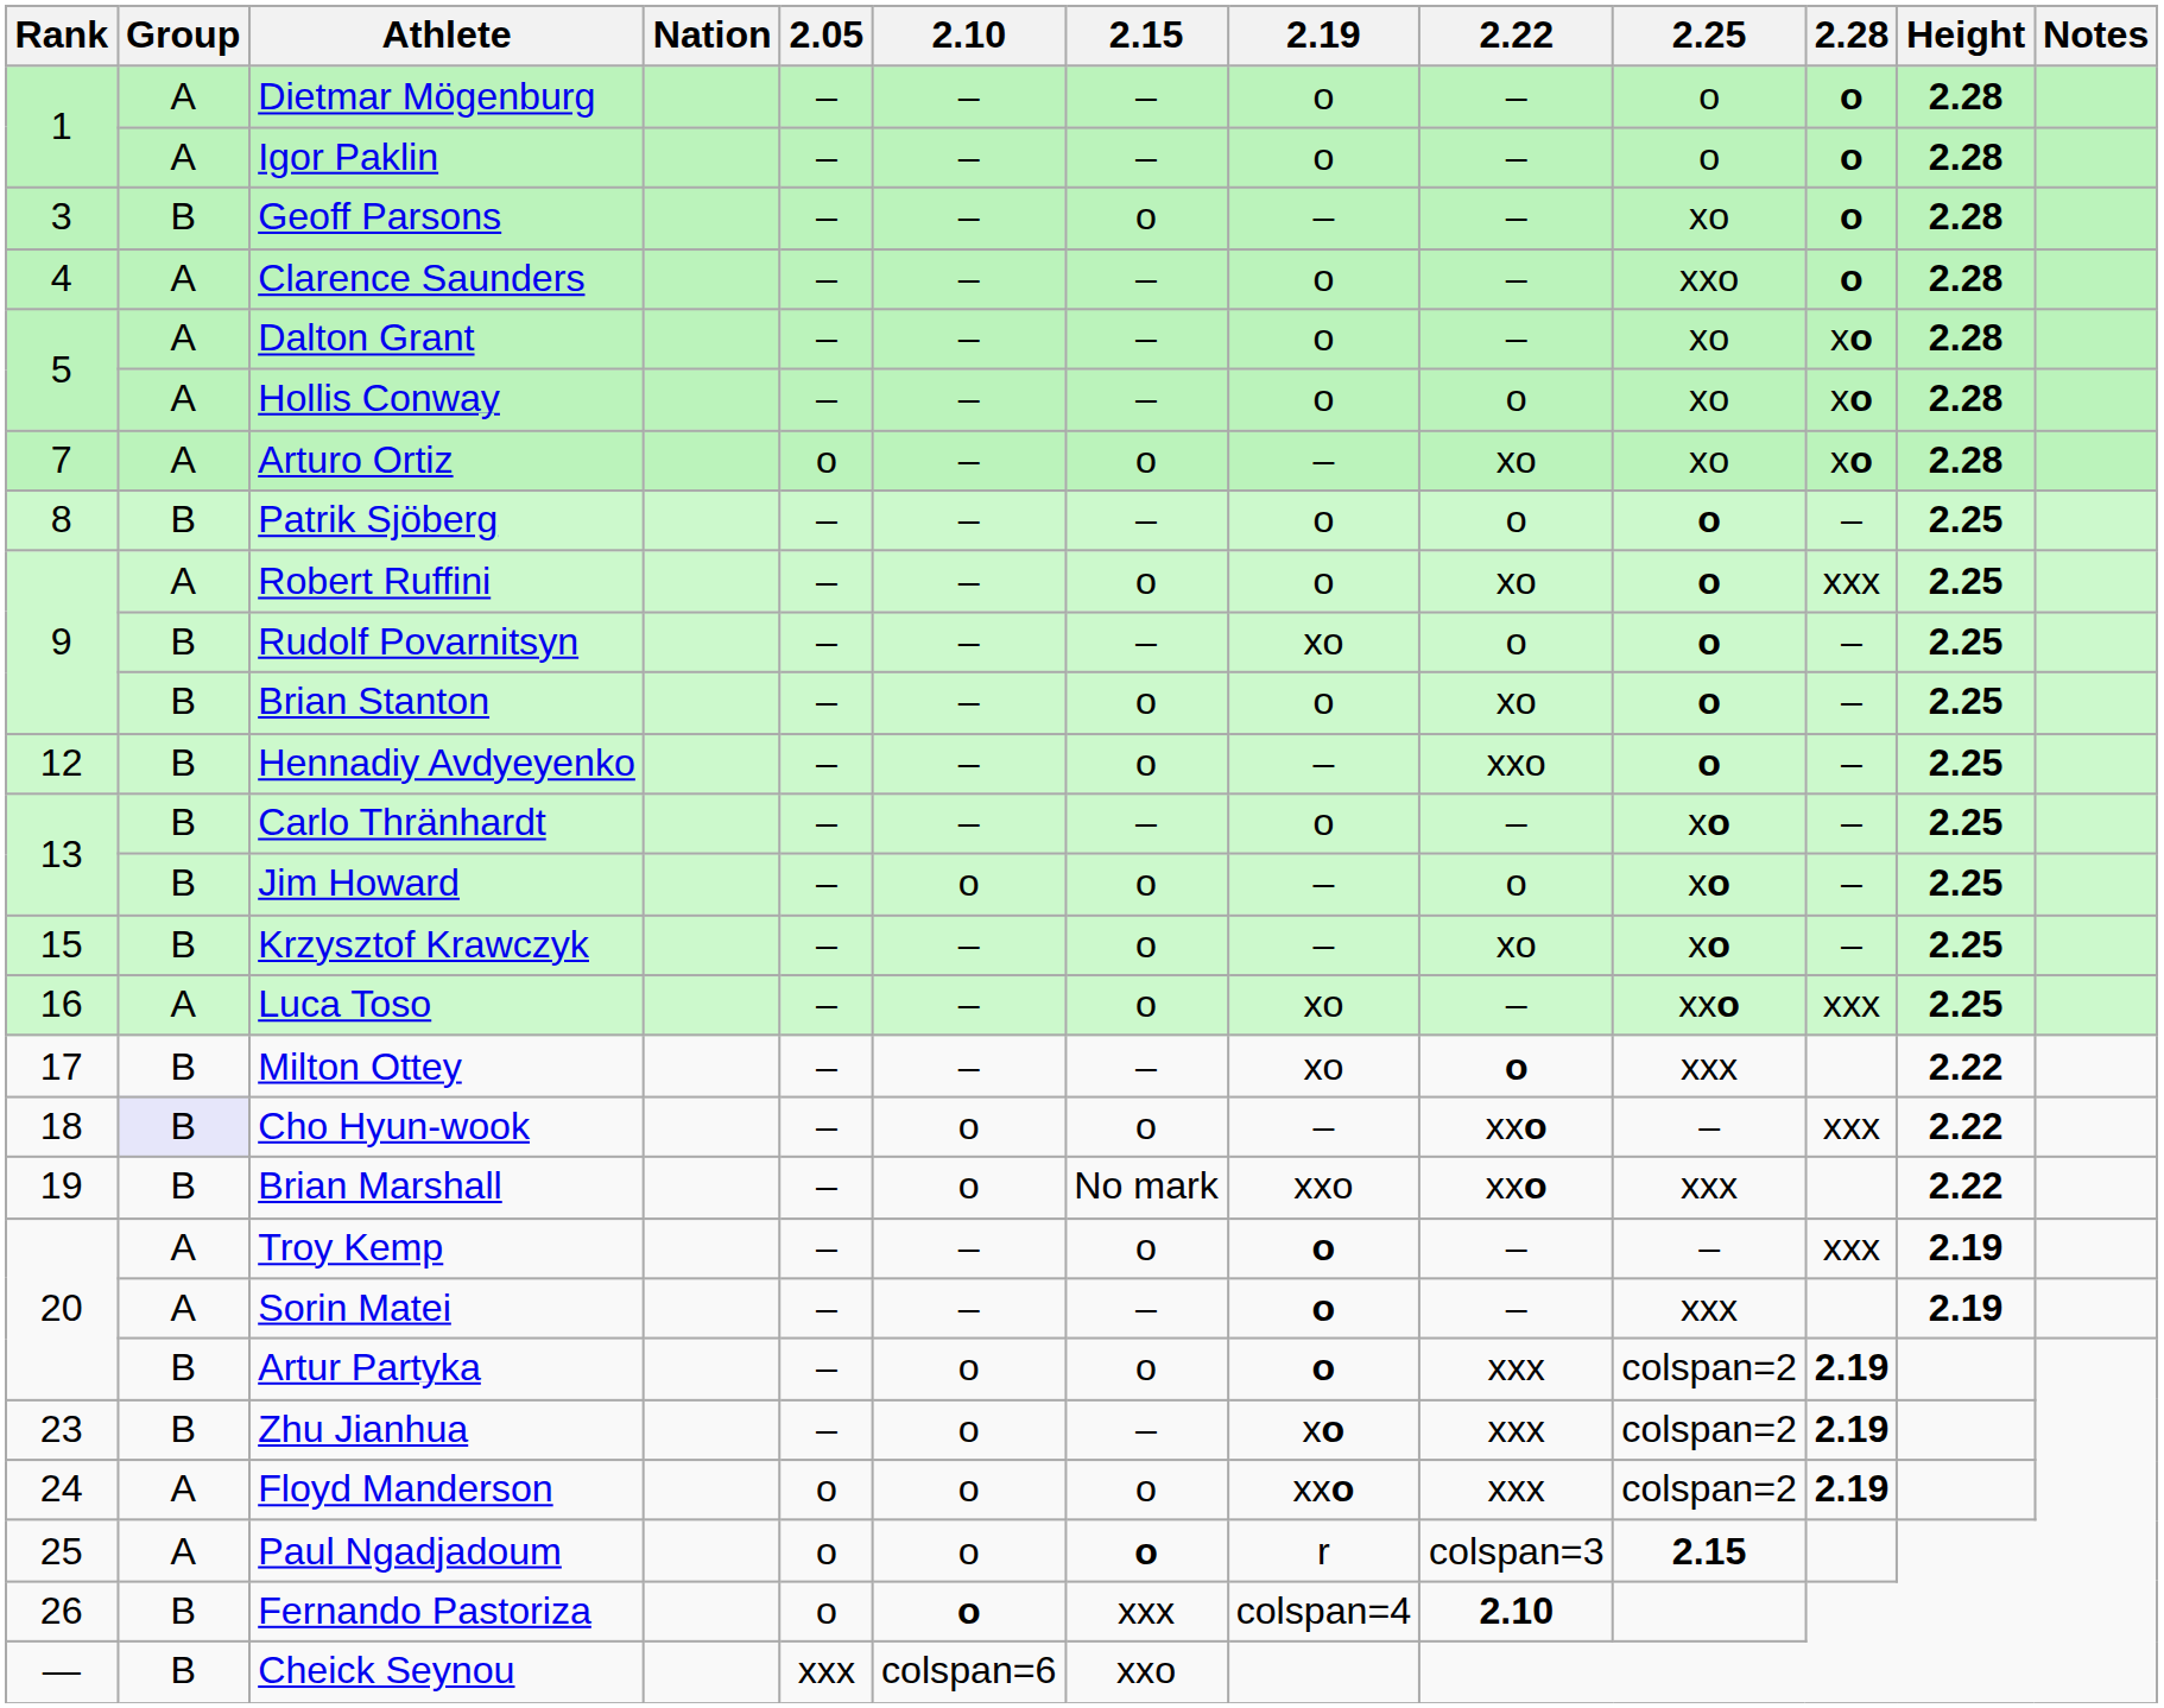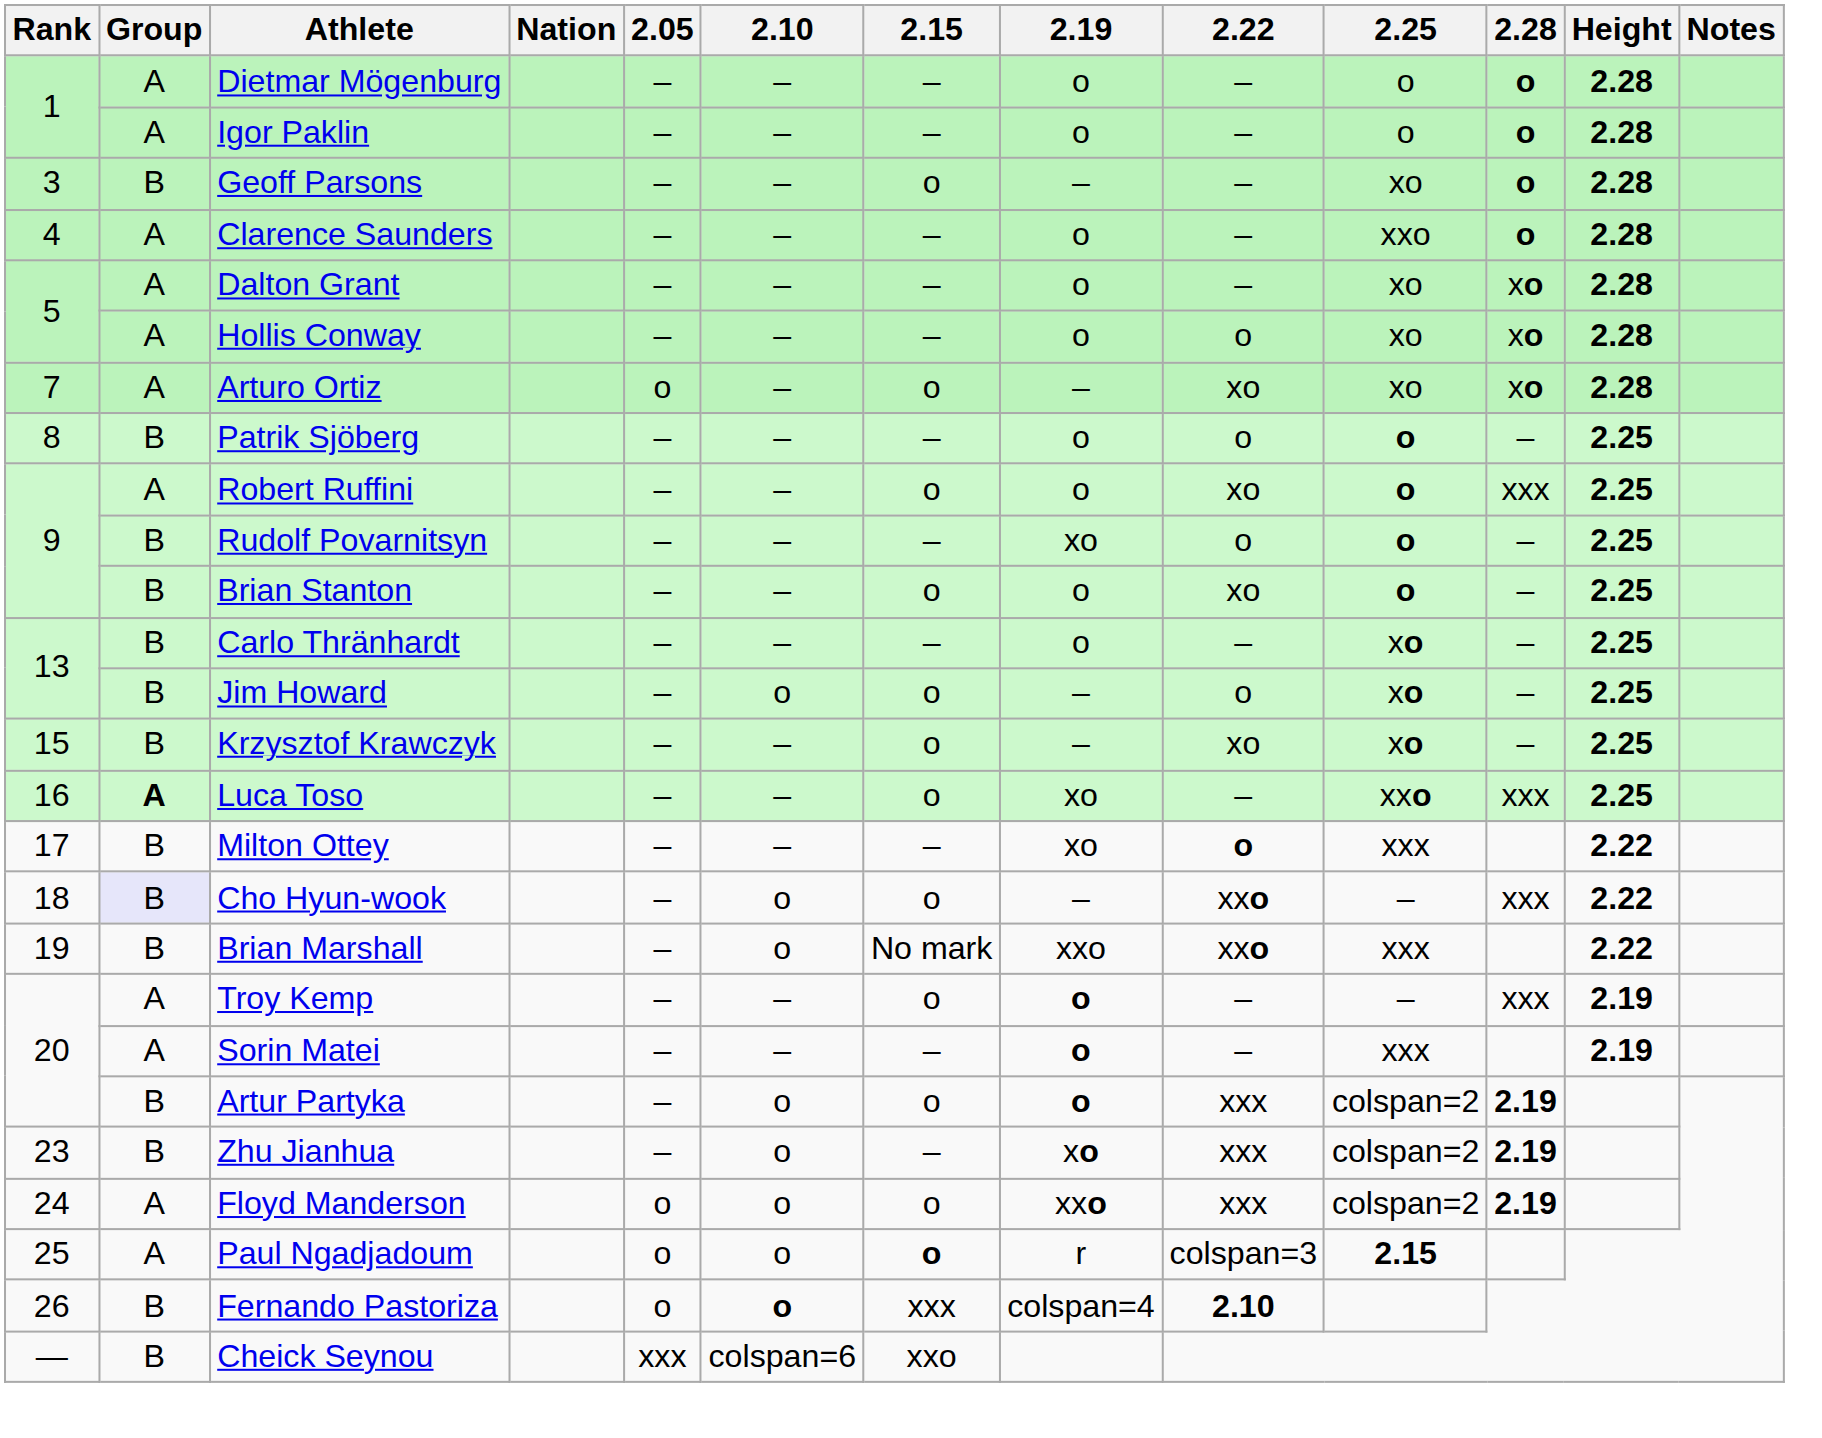 <table class="wikitable sortable" style="text-align:center">
 <tr>
 <th>Rank</th>
 <th>Group</th>
 <th>Athlete</th>
 <th>Nation</th>
 <th>2.05</th>
 <th>2.10</th>
 <th>2.15</th>
 <th>2.19</th>
 <th>2.22</th>
 <th>2.25</th>
 <th>2.28</th>
 <th>Height</th>
 <th>Notes</th>
 </tr>
 <tr bgcolor=bbf3bb>
 <td rowspan=2>1</td>
 <td>A</td>
 <td align=left><a href='#'>Dietmar Mögenburg</a></td>
 <td align=left></td>
 <td>–</td>
 <td>–</td>
 <td>–</td>
 <td>o</td>
 <td>–</td>
 <td>o</td>
 <td><strong>o</strong></td>
 <td><strong>2.28</strong></td>
 <td></td>
 </tr>
 <tr bgcolor=bbf3bb>
 <td>A</td>
 <td align=left><a href='#'>Igor Paklin</a></td>
 <td align=left></td>
 <td>–</td>
 <td>–</td>
 <td>–</td>
 <td>o</td>
 <td>–</td>
 <td>o</td>
 <td><strong>o</strong></td>
 <td><strong>2.28</strong></td>
 <td></td>
 </tr>
 <tr bgcolor=bbf3bb>
 <td>3</td>
 <td>B</td>
 <td align=left><a href='#'>Geoff Parsons</a></td>
 <td align=left></td>
 <td>–</td>
 <td>–</td>
 <td>o</td>
 <td>–</td>
 <td>–</td>
 <td>xo</td>
 <td><strong>o</strong></td>
 <td><strong>2.28</strong></td>
 <td></td>
 </tr>
 <tr bgcolor=bbf3bb>
 <td>4</td>
 <td>A</td>
 <td align=left><a href='#'>Clarence Saunders</a></td>
 <td align=left></td>
 <td>–</td>
 <td>–</td>
 <td>–</td>
 <td>o</td>
 <td>–</td>
 <td>xxo</td>
 <td><strong>o</strong></td>
 <td><strong>2.28</strong></td>
 <td></td>
 </tr>
 <tr bgcolor=bbf3bb>
 <td rowspan=2>5</td>
 <td>A</td>
 <td align=left><a href='#'>Dalton Grant</a></td>
 <td align=left></td>
 <td>–</td>
 <td>–</td>
 <td>–</td>
 <td>o</td>
 <td>–</td>
 <td>xo</td>
 <td>x<strong>o</strong></td>
 <td><strong>2.28</strong></td>
 <td></td>
 </tr>
 <tr bgcolor=bbf3bb>
 <td>A</td>
 <td align=left><a href='#'>Hollis Conway</a></td>
 <td align=left></td>
 <td>–</td>
 <td>–</td>
 <td>–</td>
 <td>o</td>
 <td>o</td>
 <td>xo</td>
 <td>x<strong>o</strong></td>
 <td><strong>2.28</strong></td>
 <td></td>
 </tr>
 <tr bgcolor=bbf3bb>
 <td>7</td>
 <td>A</td>
 <td align=left><a href='#'>Arturo Ortiz</a></td>
 <td align=left></td>
 <td>o</td>
 <td>–</td>
 <td>o</td>
 <td>–</td>
 <td>xo</td>
 <td>xo</td>
 <td>x<strong>o</strong></td>
 <td><strong>2.28</strong></td>
 <td></td>
 </tr>
 <tr bgcolor=ccf9cc>
 <td>8</td>
 <td>B</td>
 <td align=left><a href='#'>Patrik Sjöberg</a></td>
 <td align=left></td>
 <td>–</td>
 <td>–</td>
 <td>–</td>
 <td>o</td>
 <td>o</td>
 <td><strong>o</strong></td>
 <td>–</td>
 <td><strong>2.25</strong></td>
 <td></td>
 </tr>
 <tr bgcolor=ccf9cc>
 <td rowspan=3>9</td>
 <td>A</td>
 <td align=left><a href='#'>Robert Ruffini</a></td>
 <td align=left></td>
 <td>–</td>
 <td>–</td>
 <td>o</td>
 <td>o</td>
 <td>xo</td>
 <td><strong>o</strong></td>
 <td>xxx</td>
 <td><strong>2.25</strong></td>
 <td></td>
 </tr>
 <tr bgcolor=ccf9cc>
 <td>B</td>
 <td align=left><a href='#'>Rudolf Povarnitsyn</a></td>
 <td align=left></td>
 <td>–</td>
 <td>–</td>
 <td>–</td>
 <td>xo</td>
 <td>o</td>
 <td><strong>o</strong></td>
 <td>–</td>
 <td><strong>2.25</strong></td>
 <td></td>
 </tr>
 <tr bgcolor=ccf9cc>
 <td>B</td>
 <td align=left><a href='#'>Brian Stanton</a></td>
 <td align=left></td>
 <td>–</td>
 <td>–</td>
 <td>o</td>
 <td>o</td>
 <td>xo</td>
 <td><strong>o</strong></td>
 <td>–</td>
 <td><strong>2.25</strong></td>
 <td></td>
 </tr>
 <tr bgcolor=ccf9cc>
-<td>12</td>
-<td>B</td>
-<td align=left><a href='#'>Hennadiy Avdyeyenko</a></td>
-<td align=left></td>
-<td>–</td>
-<td>–</td>
-<td>o</td>
-<td>–</td>
-<td>xxo</td>
-<td><strong>o</strong></td>
-<td>–</td>
-<td><strong>2.25</strong></td>
-<td></td>
-</tr>
-<tr bgcolor=ccf9cc>
 <td rowspan=2>13</td>
 <td>B</td>
 <td align=left><a href='#'>Carlo Thränhardt</a></td>
 <td align=left></td>
 <td>–</td>
 <td>–</td>
 <td>–</td>
 <td>o</td>
 <td>–</td>
 <td>x<strong>o</strong></td>
 <td>–</td>
 <td><strong>2.25</strong></td>
 <td></td>
 </tr>
 <tr bgcolor=ccf9cc>
 <td>B</td>
 <td align=left><a href='#'>Jim Howard</a></td>
 <td align=left></td>
 <td>–</td>
 <td>o</td>
 <td>o</td>
 <td>–</td>
 <td>o</td>
 <td>x<strong>o</strong></td>
 <td>–</td>
 <td><strong>2.25</strong></td>
 <td></td>
 </tr>
 <tr bgcolor=ccf9cc>
 <td>15</td>
 <td>B</td>
 <td align=left><a href='#'>Krzysztof Krawczyk</a></td>
 <td align=left></td>
 <td>–</td>
 <td>–</td>
 <td>o</td>
 <td>–</td>
 <td>xo</td>
 <td>x<strong>o</strong></td>
 <td>–</td>
 <td><strong>2.25</strong></td>
 <td></td>
 </tr>
 <tr bgcolor=ccf9cc>
 <td>16</td>
-<td>A</td>
+<td><strong>A</strong></td>
 <td align=left><a href='#'>Luca Toso</a></td>
 <td align=left></td>
 <td>–</td>
 <td>–</td>
 <td>o</td>
 <td>xo</td>
 <td>–</td>
 <td>xx<strong>o</strong></td>
 <td>xxx</td>
 <td><strong>2.25</strong></td>
 <td></td>
 </tr>
 <tr>
 <td>17</td>
 <td>B</td>
 <td align=left><a href='#'>Milton Ottey</a></td>
 <td align=left></td>
 <td>–</td>
 <td>–</td>
 <td>–</td>
 <td>xo</td>
 <td><strong>o</strong></td>
 <td>xxx</td>
 <td></td>
 <td><strong>2.22</strong></td>
 <td></td>
 </tr>
 <tr>
 <td>18</td>
 <td style="background: lavender;">B</td>
 <td align=left><a href='#'>Cho Hyun-wook</a></td>
 <td align=left></td>
 <td>–</td>
 <td>o</td>
 <td>o</td>
 <td>–</td>
 <td>xx<strong>o</strong></td>
 <td>–</td>
 <td>xxx</td>
 <td><strong>2.22</strong></td>
 <td></td>
 </tr>
 <tr>
 <td>19</td>
 <td>B</td>
 <td align=left><a href='#'>Brian Marshall</a></td>
 <td align=left></td>
 <td>–</td>
 <td>o</td>
 <td data-sort-value=1.00>No mark</td>
 <td>xxo</td>
 <td>xx<strong>o</strong></td>
 <td>xxx</td>
 <td></td>
 <td><strong>2.22</strong></td>
 <td></td>
 </tr>
 <tr>
 <td rowspan=3>20</td>
 <td>A</td>
 <td align=left><a href='#'>Troy Kemp</a></td>
 <td align=left></td>
 <td>–</td>
 <td>–</td>
 <td>o</td>
 <td><strong>o</strong></td>
 <td>–</td>
 <td>–</td>
 <td>xxx</td>
 <td><strong>2.19</strong></td>
 <td></td>
 </tr>
 <tr>
 <td>A</td>
 <td align=left><a href='#'>Sorin Matei</a></td>
 <td align=left></td>
 <td>–</td>
 <td>–</td>
 <td>–</td>
 <td><strong>o</strong></td>
 <td>–</td>
 <td>xxx</td>
 <td></td>
 <td><strong>2.19</strong></td>
 <td></td>
 </tr>
 <tr>
 <td>B</td>
 <td align=left><a href='#'>Artur Partyka</a></td>
 <td align=left></td>
 <td>–</td>
 <td>o</td>
 <td>o</td>
 <td><strong>o</strong></td>
 <td>xxx</td>
 <td>colspan=2 </td>
 <td><strong>2.19</strong></td>
 <td></td>
 </tr>
 <tr>
 <td>23</td>
 <td>B</td>
 <td align=left><a href='#'>Zhu Jianhua</a></td>
 <td align=left></td>
 <td>–</td>
 <td>o</td>
 <td>–</td>
 <td>x<strong>o</strong></td>
 <td>xxx</td>
 <td>colspan=2 </td>
 <td><strong>2.19</strong></td>
 <td></td>
 </tr>
 <tr>
 <td>24</td>
 <td>A</td>
 <td align=left><a href='#'>Floyd Manderson</a></td>
 <td align=left></td>
 <td>o</td>
 <td>o</td>
 <td>o</td>
 <td>xx<strong>o</strong></td>
 <td>xxx</td>
 <td>colspan=2 </td>
 <td><strong>2.19</strong></td>
 <td></td>
 </tr>
 <tr>
 <td>25</td>
 <td>A</td>
 <td align=left><a href='#'>Paul Ngadjadoum</a></td>
 <td align=left></td>
 <td>o</td>
 <td>o</td>
 <td><strong>o</strong></td>
 <td>r</td>
 <td>colspan=3 </td>
 <td><strong>2.15</strong></td>
 <td></td>
 </tr>
 <tr>
 <td>26</td>
 <td>B</td>
 <td align=left><a href='#'>Fernando Pastoriza</a></td>
 <td align=left></td>
 <td>o</td>
 <td><strong>o</strong></td>
 <td>xxx</td>
 <td>colspan=4 </td>
 <td><strong>2.10</strong></td>
 <td></td>
 </tr>
 <tr>
 <td data-sort-value=27>—</td>
 <td>B</td>
 <td align=left><a href='#'>Cheick Seynou</a></td>
 <td align=left></td>
 <td>xxx</td>
 <td>colspan=6 </td>
 <td>xxo</td>
 <td></td>
 </tr>
 </table>
